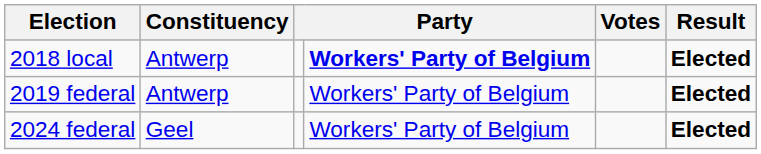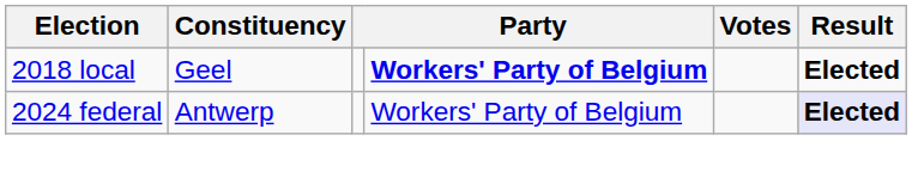 <table class="wikitable" style="text-align:left;">
 <tr>
 <th scope=col>Election</th>
 <th scope=col>Constituency</th>
 <th scope=col colspan="2">Party</th>
 <th scope=col>Votes</th>
 <th scope=col>Result</th>
 </tr>
 <tr>
 <td><a href='#'>2018 local</a></td>
-<td><a href='#'>Antwerp</a></td>
+<td><a href='#'>Geel</a></td>
 <td style="background:"></td>
 <td><strong><a href='#'>Workers' Party of Belgium</a></strong></td>
 <td align=right></td>
 <td><strong>Elected</strong></td>
 </tr>
 <tr>
-<td><a href='#'>2019 federal</a></td>
+<td><a href='#'>2024 federal</a></td>
 <td><a href='#'>Antwerp</a></td>
 <td style="background:"></td>
 <td><a href='#'>Workers' Party of Belgium</a></td>
 <td align=right></td>
-<td><strong>Elected</strong></td>
-</tr>
-<tr>
-<td><a href='#'>2024 federal</a></td>
-<td><a href='#'>Geel</a></td>
-<td style="background:"></td>
-<td><a href='#'>Workers' Party of Belgium</a></td>
-<td align=right></td>
-<td><strong>Elected</strong></td>
+<td style="background: lavender;"><strong>Elected</strong></td>
 </tr>
 </table>
